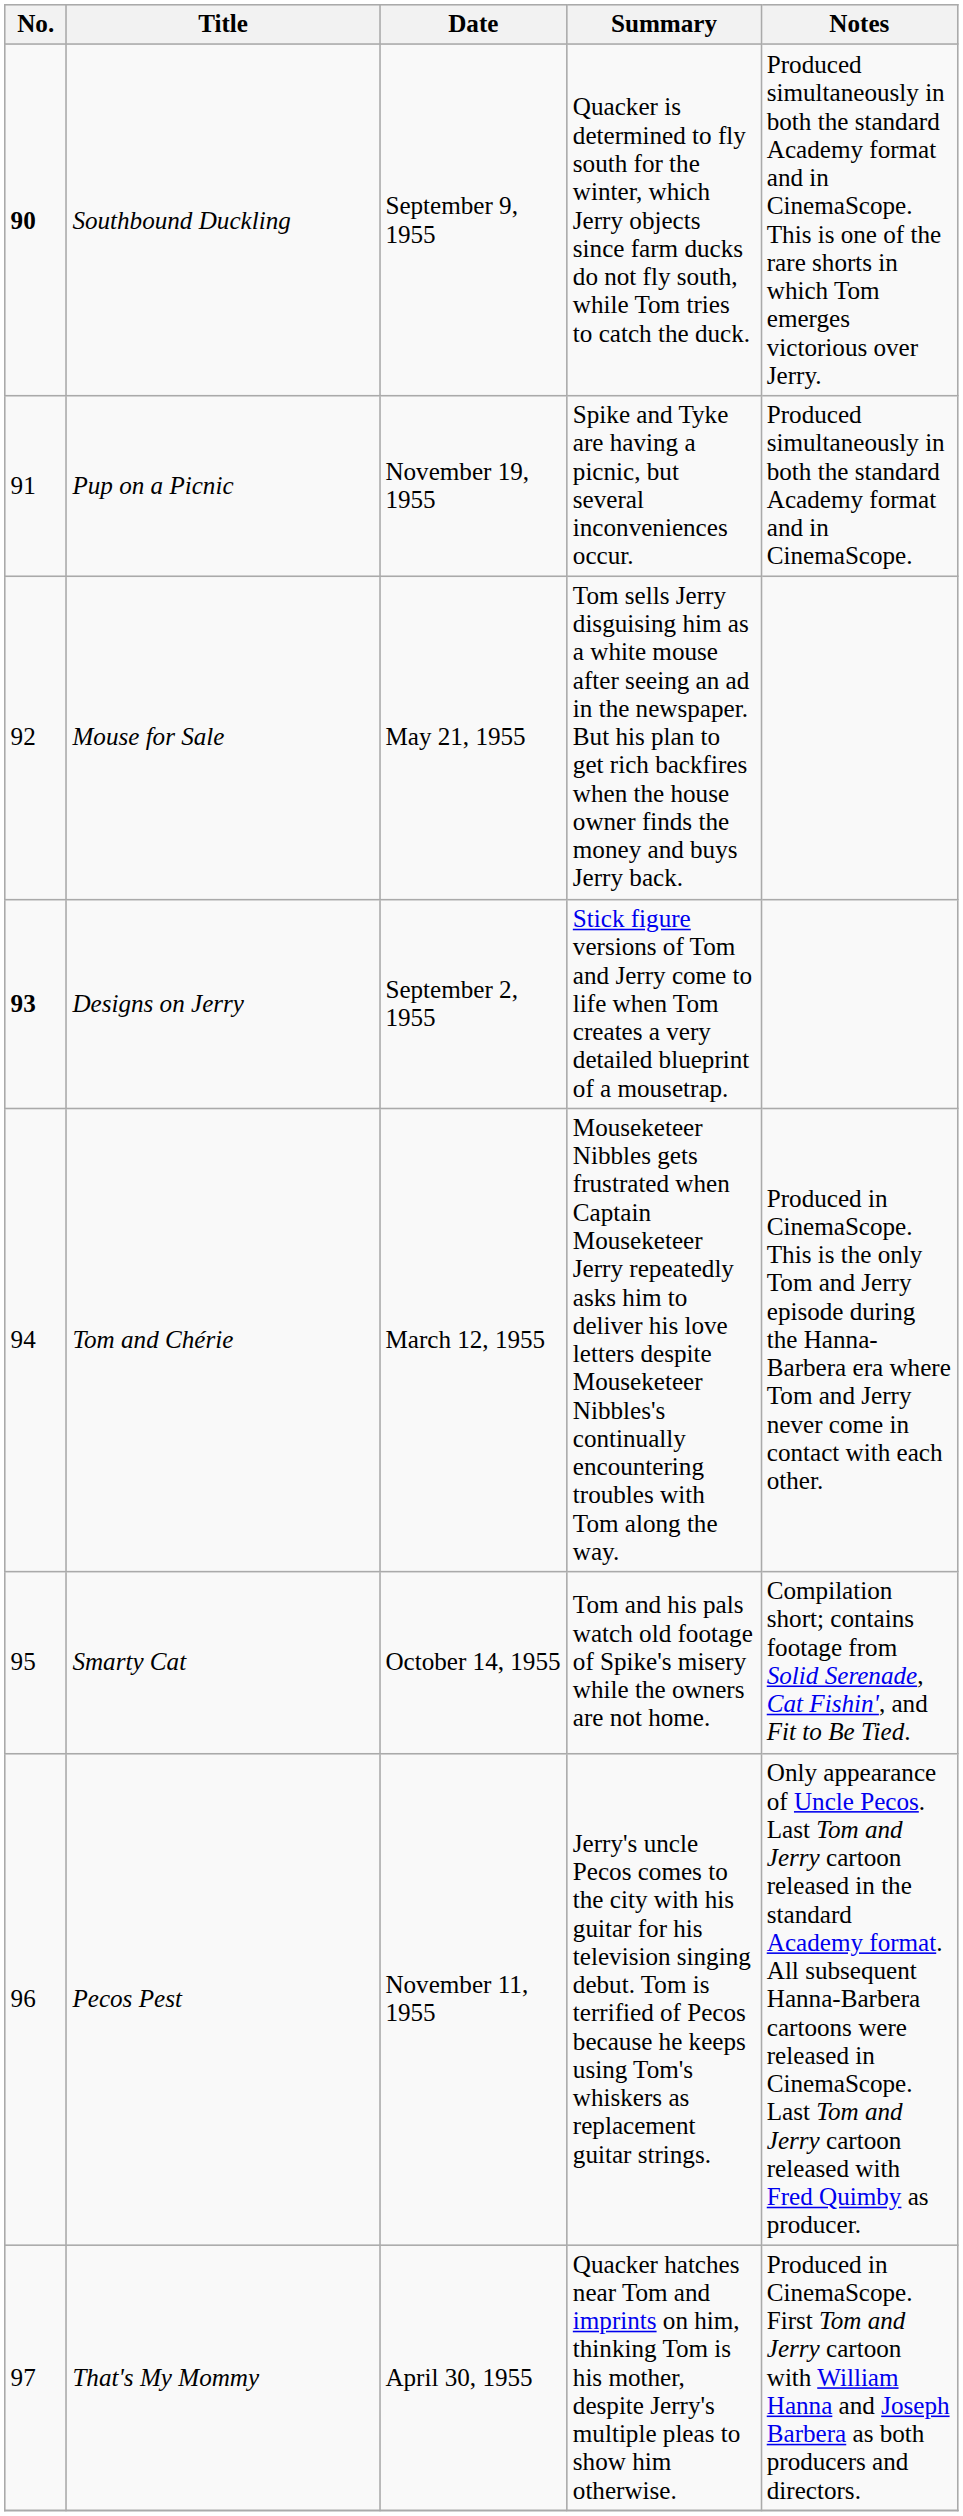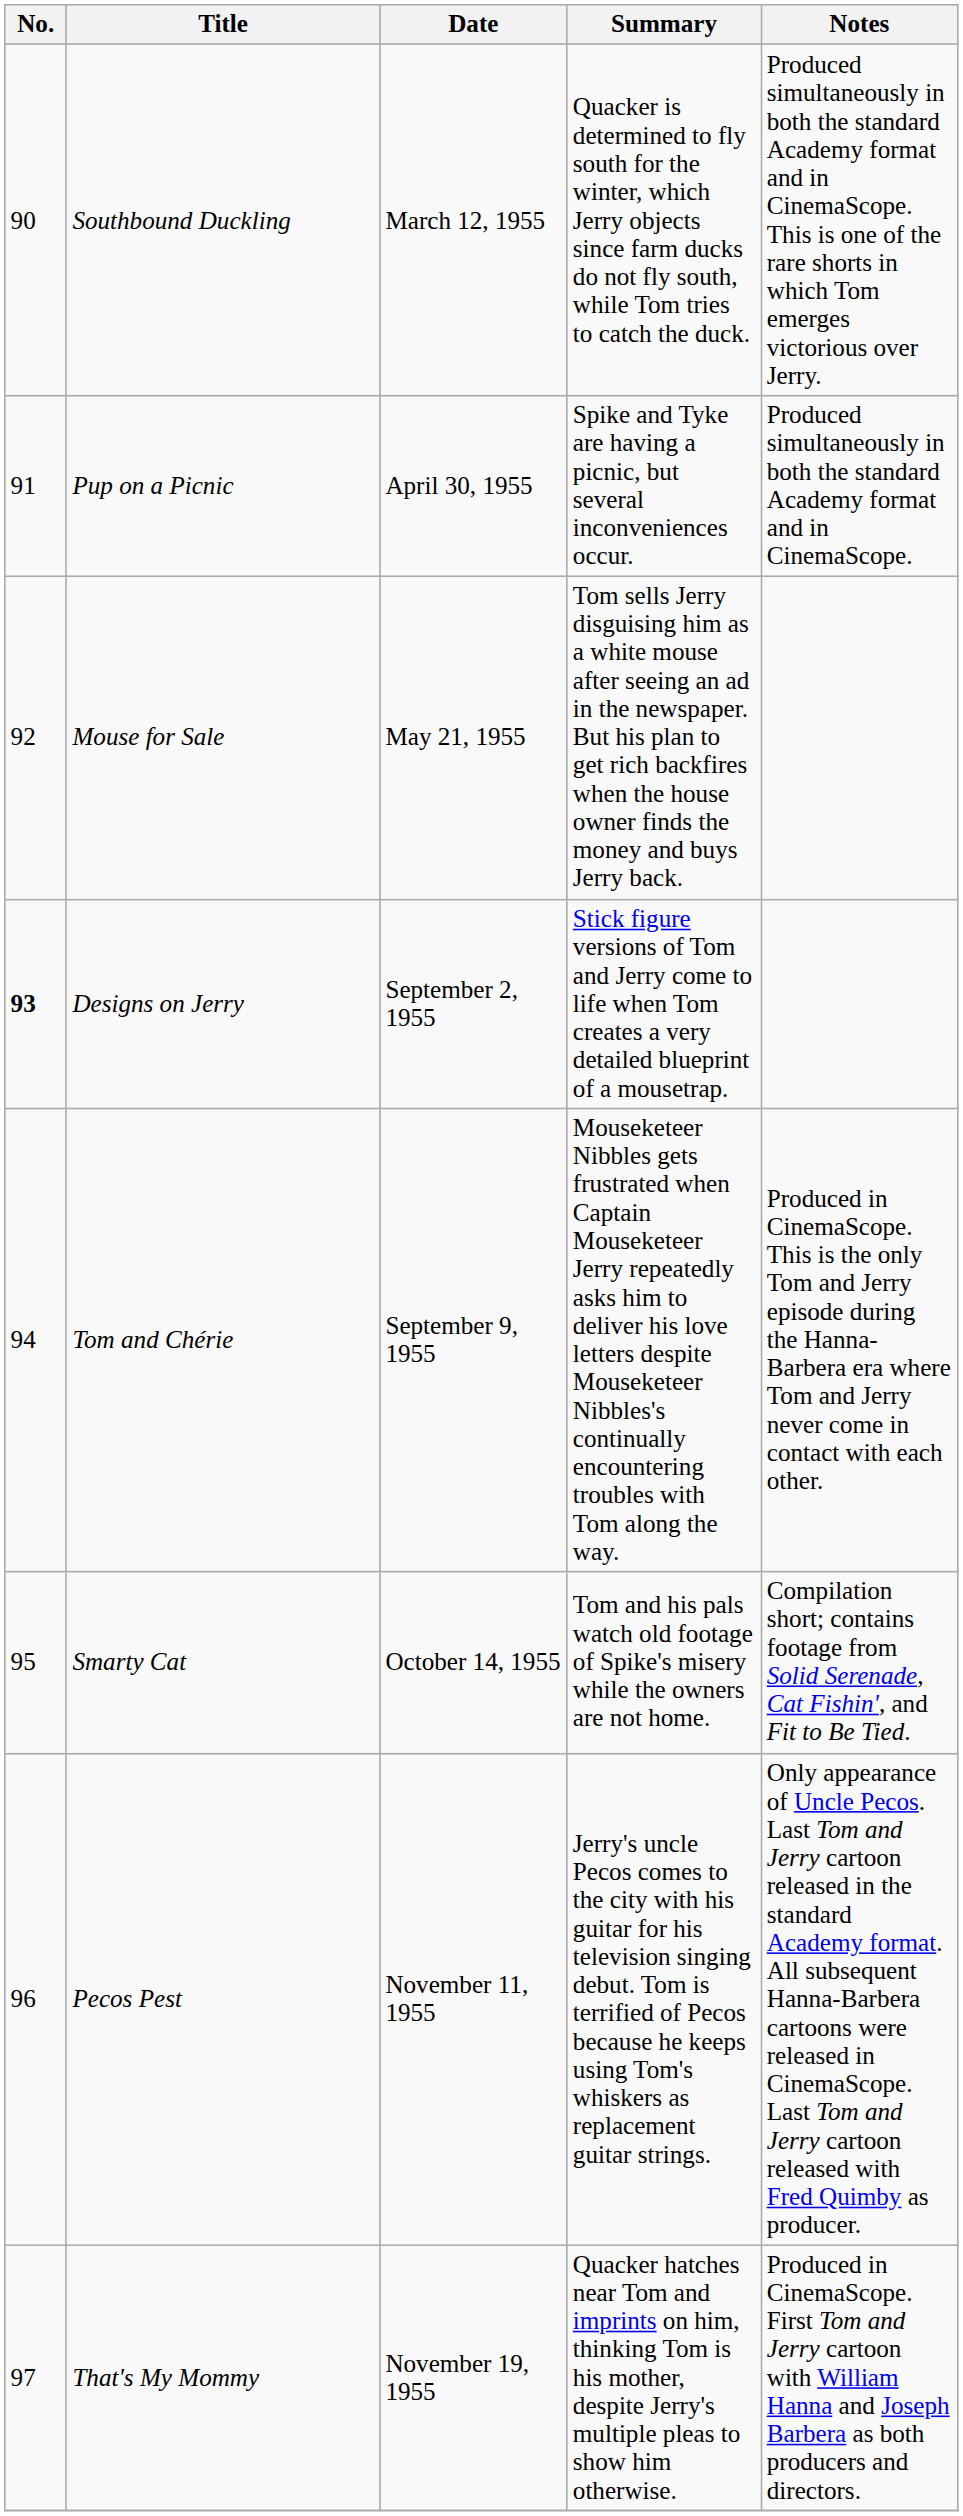 <table class="wikitable">
 <tr>
 <th style="width:2em">No.</th>
 <th style="width:12em">Title</th>
 <th style="width:7em">Date</th>
 <th>Summary</th>
 <th>Notes</th>
 </tr>
 <tr>
-<td><strong>90</strong></td>
+<td>90</td>
 <td><em>Southbound Duckling</em></td>
-<td>September 9, 1955</td>
+<td>March 12, 1955</td>
 <td>Quacker is determined to fly south for the winter, which Jerry objects since farm ducks do not fly south, while Tom tries to catch the duck.</td>
 <td>Produced simultaneously in both the standard Academy format and in CinemaScope.  This is one of the rare shorts in which Tom emerges victorious over Jerry.</td>
 </tr>
 <tr>
 <td>91</td>
 <td><em>Pup on a Picnic</em></td>
-<td>November 19, 1955</td>
+<td>April 30, 1955</td>
 <td>Spike and Tyke are having a picnic, but several inconveniences occur.</td>
 <td>Produced simultaneously in both the standard Academy format and in CinemaScope.</td>
 </tr>
 <tr>
 <td>92</td>
 <td><em>Mouse for Sale</em></td>
 <td>May 21, 1955</td>
 <td>Tom sells Jerry disguising him as a white mouse after seeing an ad in the newspaper. But his plan to get rich backfires when the house owner finds the money and buys Jerry back.</td>
 <td></td>
 </tr>
 <tr>
 <td><strong>93</strong></td>
 <td><em>Designs on Jerry</em></td>
 <td>September 2, 1955</td>
 <td><a href='#'>Stick figure</a> versions of Tom and Jerry come to life when Tom creates a very detailed blueprint of a mousetrap.</td>
 <td></td>
 </tr>
 <tr>
 <td>94</td>
 <td><em>Tom and Chérie</em></td>
-<td>March 12, 1955</td>
+<td>September 9, 1955</td>
 <td>Mouseketeer Nibbles gets frustrated when Captain Mouseketeer Jerry repeatedly asks him to deliver his love letters despite Mouseketeer Nibbles's continually encountering troubles with Tom along the way.</td>
 <td>Produced in CinemaScope. This is the only Tom and Jerry episode during the Hanna-Barbera era where Tom and Jerry never come in contact with each other.</td>
 </tr>
 <tr>
 <td>95</td>
 <td><em>Smarty Cat</em></td>
 <td>October 14, 1955</td>
 <td>Tom and his pals watch old footage of Spike's misery while the owners are not home.</td>
 <td>Compilation short; contains footage from <em><a href='#'>Solid Serenade</a></em>, <em><a href='#'>Cat Fishin'</a></em>, and <em>Fit to Be Tied</em>.</td>
 </tr>
 <tr>
 <td>96</td>
 <td><em>Pecos Pest</em></td>
 <td>November 11, 1955</td>
 <td>Jerry's uncle Pecos comes to the city with his guitar for his television singing debut. Tom is terrified of Pecos because he keeps using Tom's whiskers as replacement guitar strings.</td>
 <td>Only appearance of <a href='#'>Uncle Pecos</a>. Last <em>Tom and Jerry</em> cartoon released in the standard <a href='#'>Academy format</a>. All subsequent Hanna-Barbera cartoons were released in CinemaScope. Last <em>Tom and Jerry</em> cartoon released with <a href='#'>Fred Quimby</a> as producer.</td>
 </tr>
 <tr>
 <td>97</td>
 <td><em>That's My Mommy</em></td>
-<td>April 30, 1955</td>
+<td>November 19, 1955</td>
 <td>Quacker hatches near Tom and <a href='#'>imprints</a> on him, thinking Tom is his mother, despite Jerry's multiple pleas to show him otherwise.</td>
 <td>Produced in CinemaScope. First <em>Tom and Jerry</em> cartoon with <a href='#'>William Hanna</a> and <a href='#'>Joseph Barbera</a> as both producers and directors.</td>
 </tr>
 <tr>
 </tr>
 </table>
